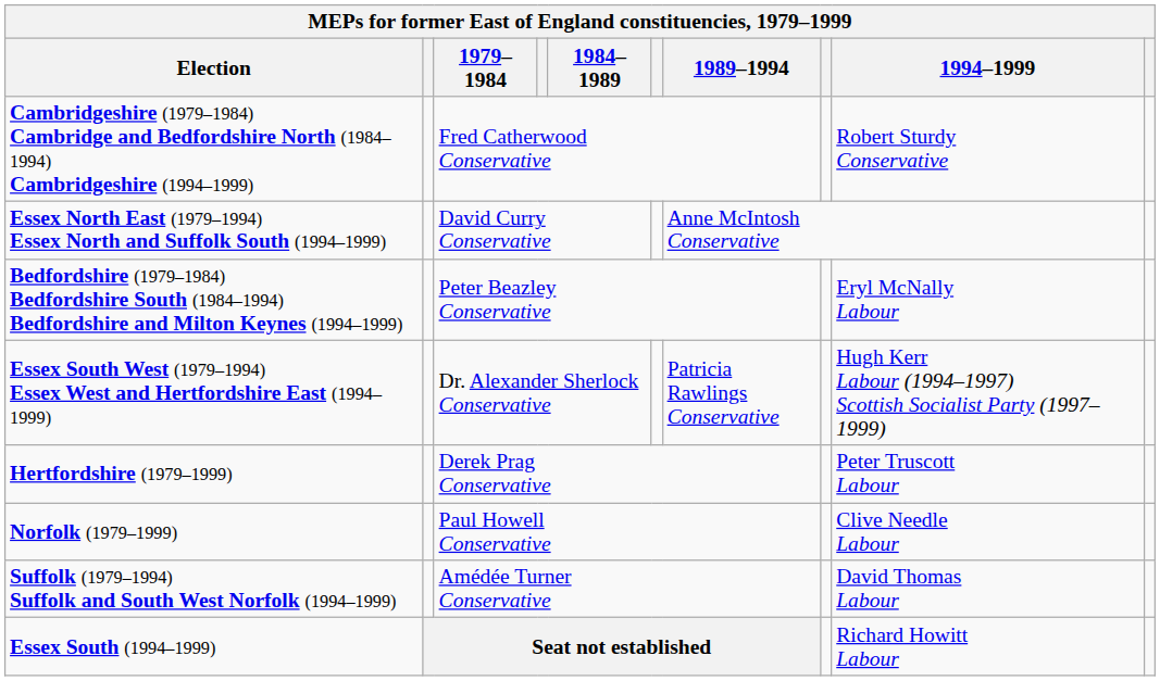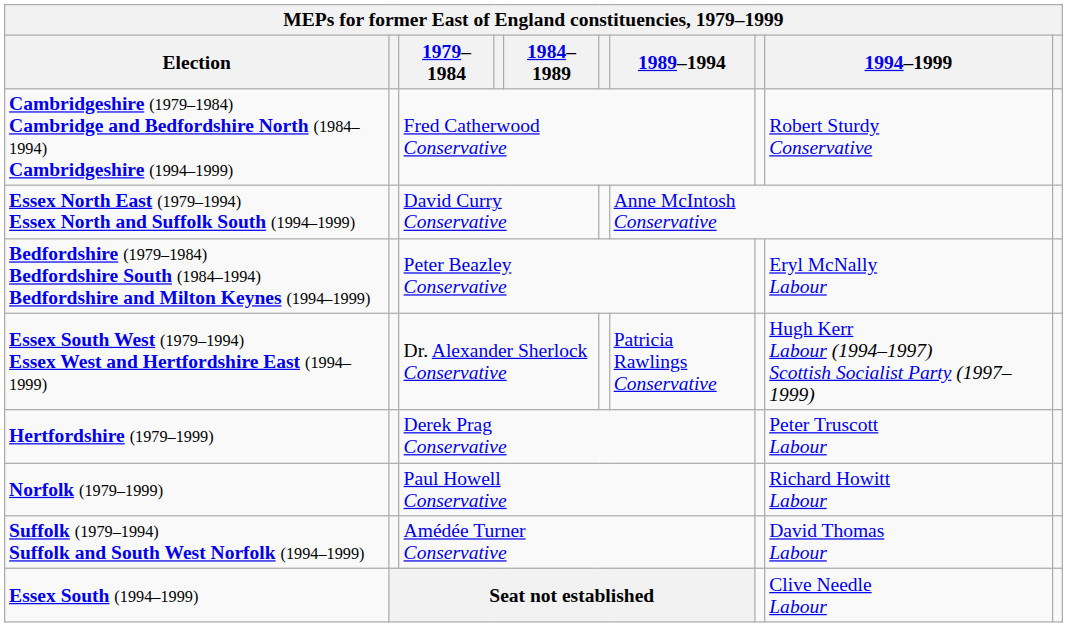 <table class="wikitable">
 <tr>
 <th colspan = 10>MEPs for former East of England constituencies, 1979–1999</th>
 </tr>
 <tr>
 <th>Election</th>
 <th style="width:1px;"></th>
 <th><a href='#'>1979</a>–1984</th>
 <th style="width:1px;"></th>
 <th><a href='#'>1984</a>–1989</th>
 <th style="width:1px;"></th>
 <th><a href='#'>1989</a>–1994</th>
 <th style="width:1px;"></th>
 <th><a href='#'>1994</a>–1999</th>
 <th style="width:1px;"></th>
 </tr>
 <tr>
 <td><strong><a href='#'>Cambridgeshire</a></strong> <small>(1979–1984)</small><br><strong><a href='#'>Cambridge and Bedfordshire North</a></strong> <small>(1984–1994)</small><br><strong><a href='#'>Cambridgeshire</a></strong> <small>(1994–1999)</small></td>
 <td width=1px style="background-color: "></td>
 <td colspan = 5><a href='#'>Fred Catherwood</a><br><em><a href='#'>Conservative</a></em></td>
 <td width=1px style="background-color: "></td>
 <td><a href='#'>Robert Sturdy</a><br><em><a href='#'>Conservative</a></em></td>
 <td width=1px style="background-color: "></td>
 </tr>
 <tr>
 <td><strong><a href='#'>Essex North East</a></strong> <small>(1979–1994)</small><br><strong><a href='#'>Essex North and Suffolk South</a></strong> <small>(1994–1999)</small></td>
 <td width=1px style="background-color: "></td>
 <td colspan = 3><a href='#'>David Curry</a><br><em><a href='#'>Conservative</a></em></td>
 <td width=1px style="background-color: "></td>
 <td colspan = 3><a href='#'>Anne McIntosh</a><br><em><a href='#'>Conservative</a></em></td>
 <td width=1px style="background-color: "></td>
 </tr>
 <tr>
 <td><strong><a href='#'>Bedfordshire</a></strong> <small>(1979–1984)</small><br><strong><a href='#'>Bedfordshire South</a></strong> <small>(1984–1994)</small><br><strong><a href='#'>Bedfordshire and Milton Keynes</a></strong> <small>(1994–1999)</small></td>
 <td width=1px style="background-color: "></td>
 <td colspan = 5><a href='#'>Peter Beazley</a><br><em><a href='#'>Conservative</a></em></td>
 <td width=1px style="background-color: "></td>
 <td><a href='#'>Eryl McNally</a><br><em><a href='#'>Labour</a></em></td>
 <td width=1px style="background-color: "></td>
 </tr>
 <tr>
 <td><strong><a href='#'>Essex South West</a></strong> <small>(1979–1994)</small><br><strong><a href='#'>Essex West and Hertfordshire East</a></strong> <small>(1994–1999)</small></td>
 <td width=1px style="background-color: "></td>
 <td colspan = 3>Dr. <a href='#'>Alexander Sherlock</a><br><em><a href='#'>Conservative</a></em></td>
 <td width=1px style="background-color: "></td>
 <td><a href='#'>Patricia Rawlings</a><br><em><a href='#'>Conservative</a></em></td>
 <td width=1px style="background-color: "></td>
 <td><a href='#'>Hugh Kerr</a><br><em><a href='#'>Labour</a> (1994–1997)</em><br><em><a href='#'>Scottish Socialist Party</a> (1997–1999)</em></td>
 <td width=1px style="background-color: "></td>
 </tr>
 <tr>
 <td><strong><a href='#'>Hertfordshire</a></strong> <small>(1979–1999)</small></td>
 <td width=1px style="background-color: "></td>
 <td colspan = 5><a href='#'>Derek Prag</a><br><em><a href='#'>Conservative</a></em></td>
 <td width=1px style="background-color: "></td>
 <td><a href='#'>Peter Truscott</a><br><em><a href='#'>Labour</a></em></td>
 <td width=1px style="background-color: "></td>
 </tr>
 <tr>
 <td><strong><a href='#'>Norfolk</a></strong> <small>(1979–1999)</small></td>
 <td width=1px style="background-color: "></td>
 <td colspan = 5><a href='#'>Paul Howell</a><br><em><a href='#'>Conservative</a></em></td>
 <td width=1px style="background-color: "></td>
-<td><a href='#'>Clive Needle</a><br><em><a href='#'>Labour</a></em></td>
+<td><a href='#'>Richard Howitt</a><br><em><a href='#'>Labour</a></em></td>
 <td width=1px style="background-color: "></td>
 </tr>
 <tr>
 <td><strong><a href='#'>Suffolk</a></strong> <small>(1979–1994)</small><br><strong><a href='#'>Suffolk and South West Norfolk</a></strong> <small>(1994–1999)</small></td>
 <td width=1px style="background-color: "></td>
 <td colspan = 5><a href='#'>Amédée Turner</a><br><em><a href='#'>Conservative</a></em></td>
 <td width=1px style="background-color: "></td>
 <td><a href='#'>David Thomas</a><br><em><a href='#'>Labour</a></em></td>
 <td width=1px style="background-color: "></td>
 </tr>
 <tr>
 <td><strong><a href='#'>Essex South</a></strong> <small>(1994–1999)</small></td>
 <th colspan = 6>Seat not established</th>
 <td width=1px style="background-color: "></td>
-<td><a href='#'>Richard Howitt</a><br><em><a href='#'>Labour</a></em></td>
+<td><a href='#'>Clive Needle</a><br><em><a href='#'>Labour</a></em></td>
 <td width=1px style="background-color: "></td>
 </tr>
 </table>
